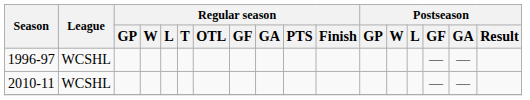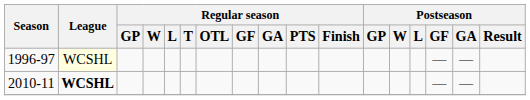 <table class="wikitable plainrowheaders"  style="text-align: center; font-size: 95%">
 <tr align="center" style="font-size: small; font-weight:bold; background-color:#dddddd; padding:5px;">
 <th rowspan="2" scope="col">Season</th>
 <th rowspan="2" scope="col">League</th>
 <th colspan="9">Regular season</th>
 <th colspan="9">Postseason</th>
 </tr>
 <tr>
 <th scope="col">GP</th>
 <th scope="col">W</th>
 <th scope="col">L</th>
 <th scope="col">T</th>
 <th scope="col">OTL</th>
 <th scope="col">GF</th>
 <th scope="col">GA</th>
 <th scope="col">PTS</th>
 <th scope="col">Finish</th>
 <th scope="col">GP</th>
 <th scope="col">W</th>
 <th scope="col">L</th>
 <th scope="col">GF</th>
 <th scope="col">GA</th>
 <th scope="col">Result</th>
 </tr>
 <tr>
 <td scope="row">1996-97</td>
-<td>WCSHL</td>
+<td style="background: lightyellow;">WCSHL</td>
 <td></td>
 <td></td>
 <td></td>
 <td></td>
 <td></td>
 <td></td>
 <td></td>
 <td></td>
 <td></td>
 <td></td>
 <td></td>
 <td></td>
 <td>—</td>
 <td>—</td>
 <td></td>
 </tr>
 <tr>
 <td scope="row">2010-11</td>
-<td>WCSHL</td>
+<td><strong>WCSHL</strong></td>
 <td></td>
 <td></td>
 <td></td>
 <td></td>
 <td></td>
 <td></td>
 <td></td>
 <td></td>
 <td></td>
 <td></td>
 <td></td>
 <td></td>
 <td>—</td>
 <td>—</td>
 <td></td>
 </tr>
 <tr>
 </tr>
 </table>
